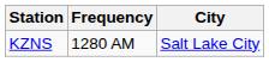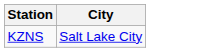 <table class="wikitable">
 <tr>
 <th>Station</th>
-<th>Frequency</th>
 <th>City</th>
 </tr>
 <tr>
 <td><a href='#'>KZNS</a></td>
-<td>1280 AM</td>
 <td><a href='#'>Salt Lake City</a></td>
 </tr>
 </table>
